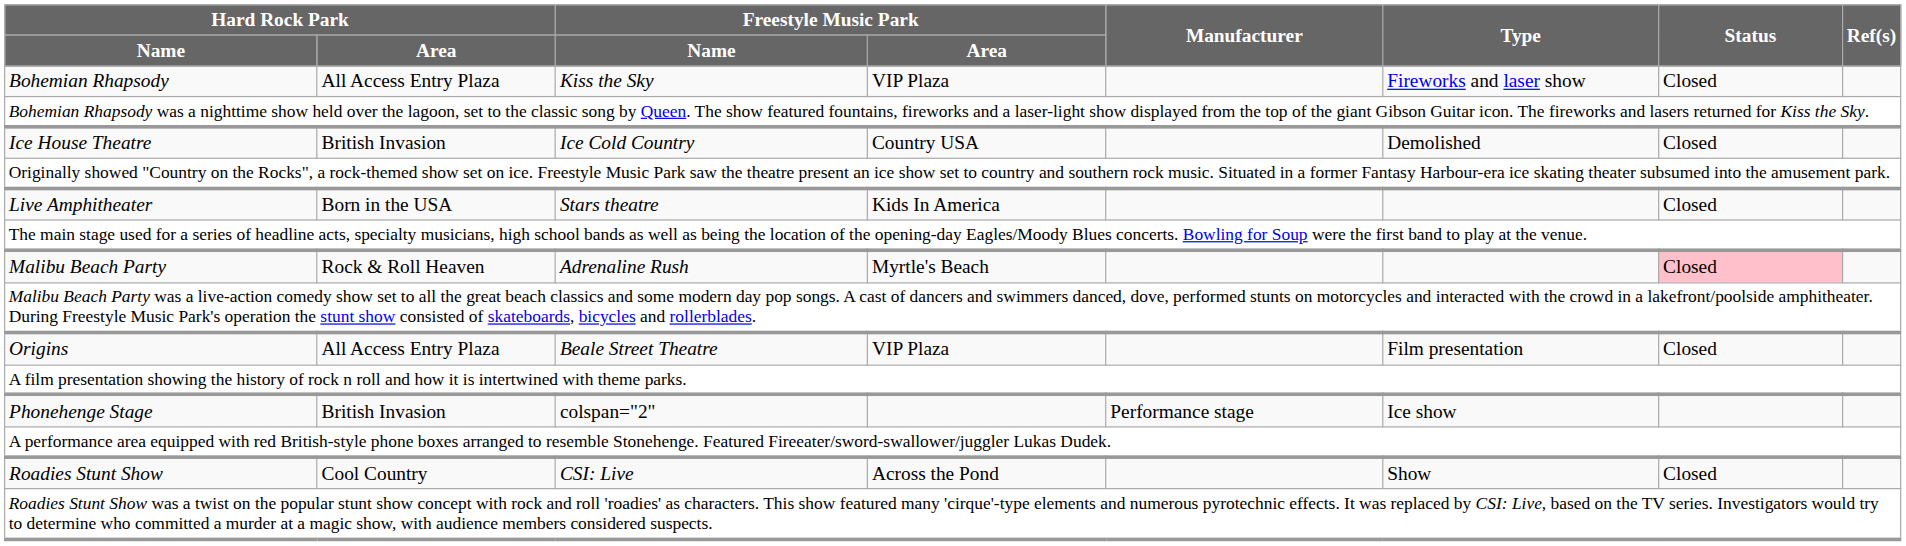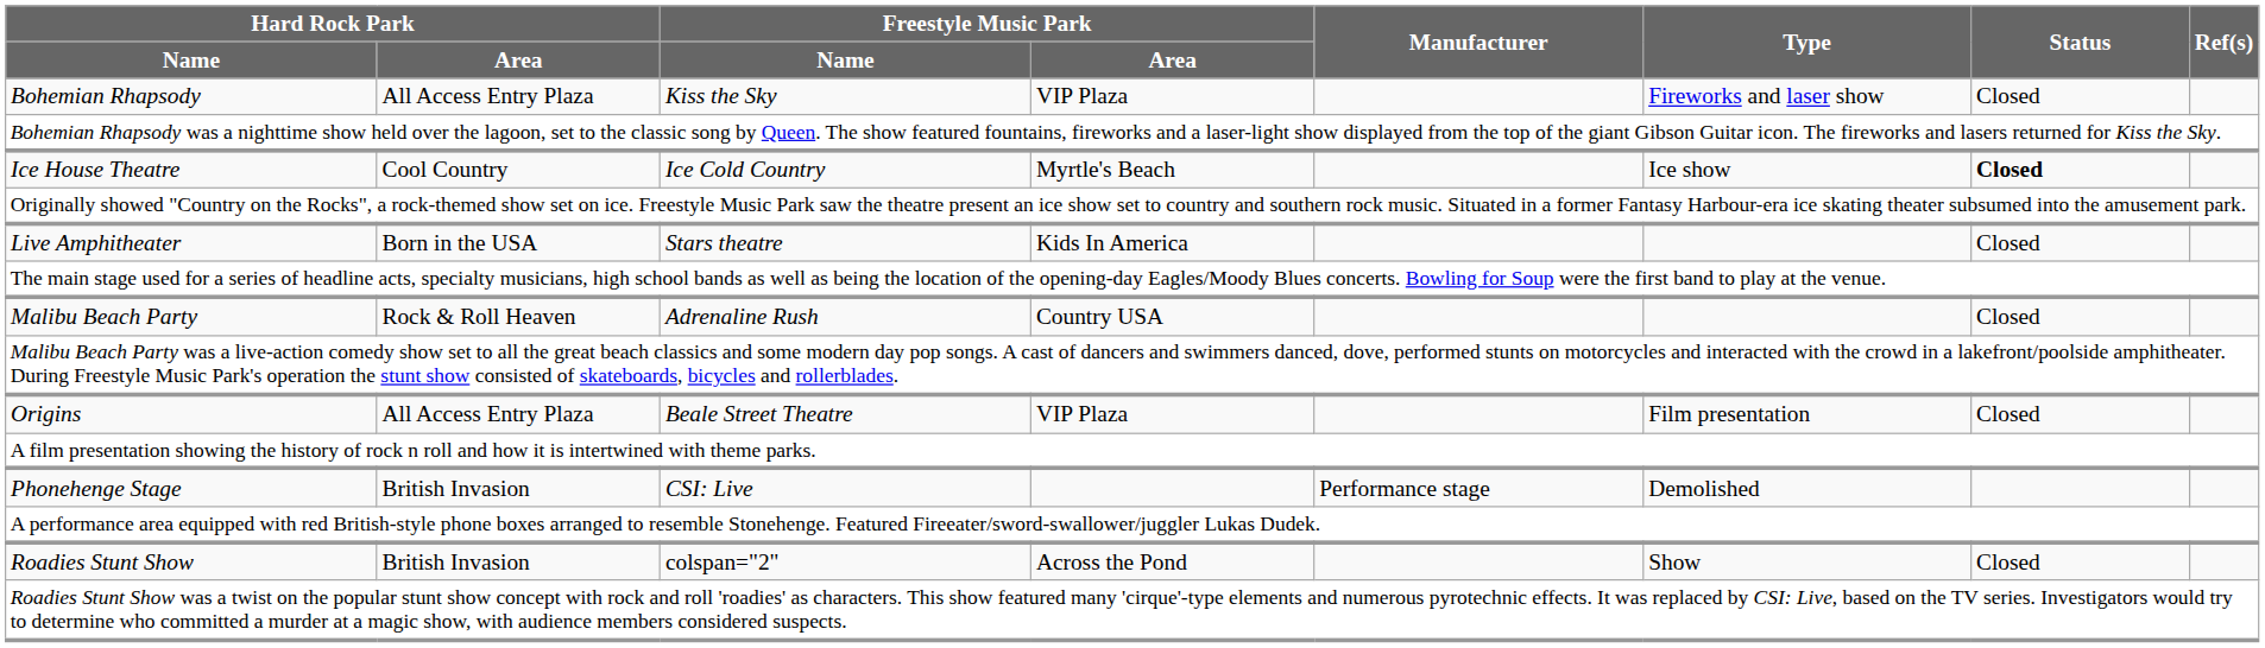 <table class="wikitable plainrowheaders">
 <tr>
 <th scope="col" style="width:30%;background-color:#666;color:#FFF;" colspan="2">Hard Rock Park</th>
 <th scope="col" colspan="2" style="width:30%;background-color:#666;color:#FFF;">Freestyle Music Park</th>
 <th rowspan="2" scope="col" style="width:15%;background-color:#666;color:#FFF;">Manufacturer</th>
 <th rowspan="2" scope="col" style="width:15%;background-color:#666;color:#FFF;">Type</th>
 <th rowspan="2" scope="col" style="background-color:#666;color:#FFF;width:10%">Status</th>
 <th rowspan="2" scope="col" class="unsortable" style="background-color:#666;color:#FFF;width:5%">Ref(s)</th>
 </tr>
 <tr>
 <th scope="col" style="width:17%;background-color:#666;color:#FFF;">Name</th>
 <th scope="col" style="width:13%;background-color:#666;color:#FFF;">Area</th>
 <th scope="col" style="width:17%;background-color:#666;color:#FFF;">Name</th>
 <th scope="col" style="width:13%;background-color:#666;color:#FFF;">Area</th>
 </tr>
 <tr>
 <td><em>Bohemian Rhapsody</em></td>
 <td>All Access Entry Plaza</td>
 <td><em>Kiss the Sky</em></td>
 <td>VIP Plaza</td>
 <td></td>
 <td><a href='#'>Fireworks</a> and <a href='#'>laser</a> show</td>
 <td>Closed</td>
 <td></td>
 </tr>
 <tr>
 <td colspan="8" style="background-color:#FFF;border-bottom:3px solid #999;font-size:90%"><em>Bohemian Rhapsody</em> was a nighttime show held over the lagoon, set to the classic song by <a href='#'>Queen</a>. The show featured fountains, fireworks and a laser-light show displayed from the top of the giant Gibson Guitar icon. The fireworks and lasers returned for <em>Kiss the Sky</em>.</td>
 </tr>
 <tr>
 <td><em>Ice House Theatre</em></td>
-<td>British Invasion</td>
+<td>Cool Country</td>
 <td><em>Ice Cold Country</em></td>
-<td>Country USA</td>
+<td>Myrtle's Beach</td>
 <td></td>
-<td>Demolished</td>
-<td>Closed</td>
+<td>Ice show</td>
+<td><strong>Closed</strong></td>
 <td></td>
 </tr>
 <tr>
 <td colspan="8" style="background-color:#FFF;border-bottom:3px solid #999;font-size:90%">Originally showed "Country on the Rocks", a rock-themed show set on ice. Freestyle Music Park saw the theatre present an ice show set to country and southern rock music. Situated in a former Fantasy Harbour-era ice skating theater subsumed into the amusement park.</td>
 </tr>
 <tr>
 <td><em>Live Amphitheater</em></td>
 <td>Born in the USA</td>
 <td><em>Stars theatre</em></td>
 <td>Kids In America</td>
 <td></td>
 <td></td>
 <td>Closed</td>
 <td></td>
 </tr>
 <tr>
 <td colspan="8" style="background-color:#FFF;border-bottom:3px solid #999;font-size:90%">The main stage used for a series of headline acts, specialty musicians, high school bands as well as being the location of the opening-day Eagles/Moody Blues concerts.  <a href='#'>Bowling for Soup</a> were the first band to play at the venue.</td>
 </tr>
 <tr>
 <td><em>Malibu Beach Party</em></td>
 <td>Rock & Roll Heaven</td>
 <td><em>Adrenaline Rush</em></td>
-<td>Myrtle's Beach</td>
+<td>Country USA</td>
 <td></td>
 <td></td>
-<td style="background: pink;">Closed</td>
+<td>Closed</td>
 <td></td>
 </tr>
 <tr>
 <td colspan="8" style="background-color:#FFF;border-bottom:3px solid #999;font-size:90%"><em>Malibu Beach Party</em> was a live-action comedy show set to all the great beach classics and some modern day pop songs. A cast of dancers and swimmers danced, dove, performed stunts on motorcycles and interacted with the crowd in a lakefront/poolside amphitheater. During Freestyle Music Park's operation the <a href='#'>stunt show</a> consisted of <a href='#'>skateboards</a>, <a href='#'>bicycles</a> and <a href='#'>rollerblades</a>.</td>
 </tr>
 <tr>
 <td><em>Origins</em></td>
 <td>All Access Entry Plaza</td>
 <td><em>Beale Street Theatre</em></td>
 <td>VIP Plaza</td>
 <td></td>
 <td>Film presentation</td>
 <td>Closed</td>
 <td></td>
 </tr>
 <tr>
 <td colspan="8" style="background-color:#FFF;border-bottom:3px solid #999;font-size:90%">A film presentation showing the history of rock n roll and how it is intertwined with theme parks.</td>
 </tr>
 <tr>
 <td><em>Phonehenge Stage</em></td>
 <td>British Invasion</td>
-<td>colspan="2" </td>
+<td><em>CSI: Live</em></td>
 <td></td>
 <td>Performance stage</td>
-<td>Ice show</td>
+<td>Demolished</td>
 <td></td>
 </tr>
 <tr>
 <td colspan="8" style="background-color:#FFF;border-bottom:3px solid #999;font-size:90%">A performance area equipped with red British-style phone boxes arranged to resemble Stonehenge.  Featured Fireeater/sword-swallower/juggler Lukas Dudek.</td>
 </tr>
 <tr>
 <td><em>Roadies Stunt Show</em></td>
-<td>Cool Country</td>
-<td><em>CSI: Live</em></td>
+<td>British Invasion</td>
+<td>colspan="2" </td>
 <td>Across the Pond</td>
 <td></td>
 <td>Show</td>
 <td>Closed</td>
 <td></td>
 </tr>
 <tr>
 <td colspan="8" style="background-color:#FFF;border-bottom:3px solid #999;font-size:90%"><em>Roadies Stunt Show</em> was a twist on the popular stunt show concept with rock and roll 'roadies' as characters. This show featured many 'cirque'-type elements and numerous pyrotechnic effects. It was replaced by <em>CSI: Live</em>, based on the TV series. Investigators would try to determine who committed a murder at a magic show, with audience members considered suspects.</td>
 </tr>
 </table>
